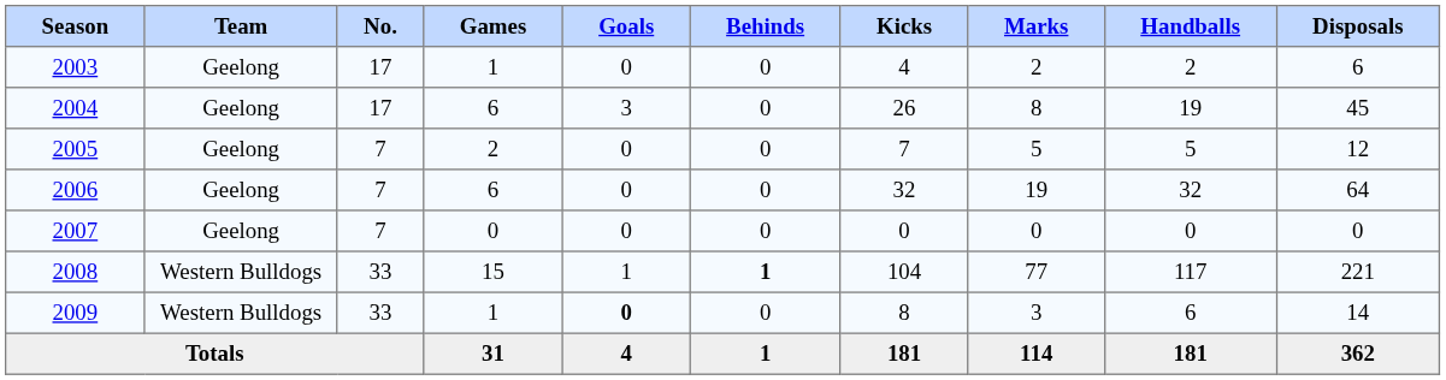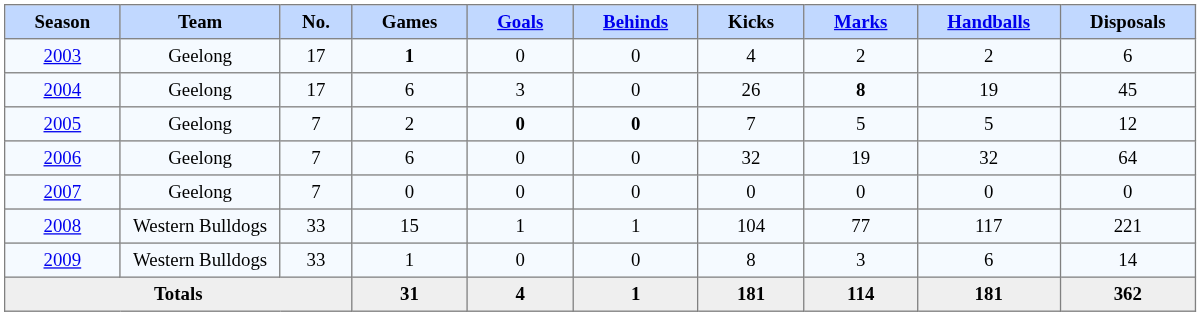 <table border="1" cellpadding="4" cellspacing="0" style="text-align:center; font-size:90%; border-collapse:collapse;" width=72%>
 <tr style="background:#C1D8FF;">
 <th width=3%>Season</th>
 <th width=5%>Team</th>
 <th width=2%>No.</th>
 <th width=3%>Games</th>
 <th width=3%><a href='#'>Goals</a></th>
 <th width=3%><a href='#'>Behinds</a></th>
 <th width=3%>Kicks</th>
 <th width=3%><a href='#'>Marks</a></th>
 <th width=3%><a href='#'>Handballs</a></th>
 <th width=3%>Disposals</th>
 </tr>
 <tr style="background:#F5FAFF;">
 <td><a href='#'>2003</a></td>
 <td>Geelong</td>
 <td>17</td>
-<td>1</td>
+<td><strong>1</strong></td>
 <td>0</td>
 <td>0</td>
 <td>4</td>
 <td>2</td>
 <td>2</td>
 <td>6</td>
 </tr>
 <tr style="background:#F5FAFF;">
 <td><a href='#'>2004</a></td>
 <td>Geelong</td>
 <td>17</td>
 <td>6</td>
 <td>3</td>
 <td>0</td>
 <td>26</td>
-<td>8</td>
+<td><strong>8</strong></td>
 <td>19</td>
 <td>45</td>
 </tr>
 <tr style="background:#F5FAFF;">
 <td><a href='#'>2005</a></td>
 <td>Geelong</td>
 <td>7</td>
 <td>2</td>
-<td>0</td>
-<td>0</td>
+<td><strong>0</strong></td>
+<td><strong>0</strong></td>
 <td>7</td>
 <td>5</td>
 <td>5</td>
 <td>12</td>
 </tr>
 <tr style="background:#F5FAFF;">
 <td><a href='#'>2006</a></td>
 <td>Geelong</td>
 <td>7</td>
 <td>6</td>
 <td>0</td>
 <td>0</td>
 <td>32</td>
 <td>19</td>
 <td>32</td>
 <td>64</td>
 </tr>
 <tr style="background:#F5FAFF;">
 <td><a href='#'>2007</a></td>
 <td>Geelong</td>
 <td>7</td>
 <td>0</td>
 <td>0</td>
 <td>0</td>
 <td>0</td>
 <td>0</td>
 <td>0</td>
 <td>0</td>
 </tr>
 <tr style="background:#F5FAFF;">
 <td><a href='#'>2008</a></td>
 <td>Western Bulldogs</td>
 <td>33</td>
 <td>15</td>
 <td>1</td>
-<td><strong>1</strong></td>
+<td>1</td>
 <td>104</td>
 <td>77</td>
 <td>117</td>
 <td>221</td>
 </tr>
 <tr style="background:#F5FAFF;">
 <td><a href='#'>2009</a></td>
 <td>Western Bulldogs</td>
 <td>33</td>
 <td>1</td>
-<td><strong>0</strong></td>
+<td>0</td>
 <td>0</td>
 <td>8</td>
 <td>3</td>
 <td>6</td>
 <td>14</td>
 </tr>
 <tr style="background:#EFEFEF;">
 <th colspan=3>Totals</th>
 <td><strong>31</strong></td>
 <td><strong>4</strong></td>
 <td><strong>1</strong></td>
 <td><strong>181</strong></td>
 <td><strong>114</strong></td>
 <td><strong>181</strong></td>
 <td><strong>362</strong></td>
 </tr>
 </table>
